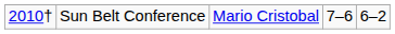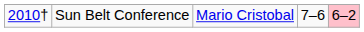 <table class="wikitable">
 <tr>
 </tr>
 <tr>
 <td><a href='#'>2010</a>†</td>
 <td>Sun Belt Conference</td>
 <td><a href='#'>Mario Cristobal</a></td>
 <td>7–6</td>
-<td>6–2</td>
+<td style="background: pink;">6–2</td>
 </tr>
 </table>
